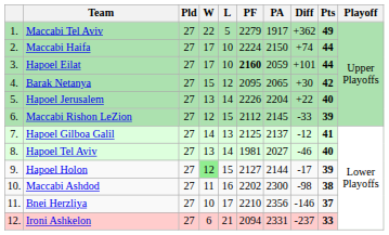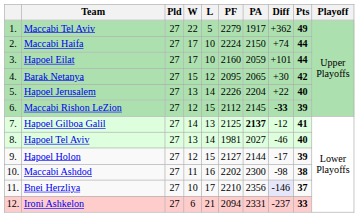 <table class="wikitable sortable" style="text-align:center">
 <tr>
 <th width=15></th>
 <th width=220>Team</th>
 <th width=20>Pld</th>
 <th width=20>W</th>
 <th width=20>L</th>
 <th width=20>PF</th>
 <th width=20>PA</th>
 <th width=30>Diff</th>
 <th width=20>Pts</th>
 <th width=60>Playoff</th>
 </tr>
 <tr style="background:#ACE1AF;">
 <td>1.</td>
 <td align=left><a href='#'>Maccabi Tel Aviv</a></td>
 <td>27</td>
 <td>22</td>
 <td>5</td>
 <td>2279</td>
 <td>1917</td>
 <td>+362</td>
 <td><strong>49</strong></td>
 <td rowspan=6 align=center>Upper Playoffs</td>
 </tr>
 <tr style="background:#ACE1AF;">
 <td>2.</td>
 <td align=left><a href='#'>Maccabi Haifa</a></td>
 <td>27</td>
 <td>17</td>
 <td>10</td>
 <td>2224</td>
 <td>2150</td>
 <td>+74</td>
 <td><strong>44</strong></td>
 </tr>
 <tr style="background:#ACE1AF;">
 <td>3.</td>
 <td align=left><a href='#'>Hapoel Eilat</a></td>
 <td>27</td>
 <td>17</td>
 <td>10</td>
-<td><strong>2160</strong></td>
+<td>2160</td>
 <td>2059</td>
 <td>+101</td>
 <td><strong>44</strong></td>
 </tr>
 <tr style="background:#ACE1AF;">
 <td>4.</td>
 <td align=left><a href='#'>Barak Netanya</a></td>
 <td>27</td>
 <td>15</td>
 <td>12</td>
 <td>2095</td>
 <td>2065</td>
 <td>+30</td>
 <td><strong>42</strong></td>
 </tr>
 <tr style="background:#ACE1AF;">
 <td>5.</td>
 <td align=left><a href='#'>Hapoel Jerusalem</a></td>
 <td>27</td>
 <td>13</td>
 <td>14</td>
 <td>2226</td>
 <td>2204</td>
 <td>+22</td>
 <td><strong>40</strong></td>
 </tr>
 <tr style="background:#ACE1AF;">
 <td>6.</td>
 <td align=left><a href='#'>Maccabi Rishon LeZion</a></td>
 <td>27</td>
 <td>12</td>
 <td>15</td>
 <td>2112</td>
 <td>2145</td>
-<td>-33</td>
+<td><strong>-33</strong></td>
 <td><strong>39</strong></td>
 </tr>
 <tr style="background:#dfd;">
 <td>7.</td>
 <td align=left><a href='#'>Hapoel Gilboa Galil</a></td>
 <td>27</td>
 <td>14</td>
 <td>13</td>
 <td>2125</td>
-<td>2137</td>
+<td><strong>2137</strong></td>
 <td>-12</td>
 <td><strong>41</strong></td>
 <td bgcolor="#ffffff" rowspan=6 align=center>Lower Playoffs</td>
 </tr>
 <tr style="background:#dfd;">
 <td>8.</td>
 <td align=left><a href='#'>Hapoel Tel Aviv</a></td>
 <td>27</td>
 <td>13</td>
 <td>14</td>
 <td>1981</td>
 <td>2027</td>
 <td>-46</td>
 <td><strong>40</strong></td>
 </tr>
 <tr>
 <td>9.</td>
 <td align=left><a href='#'>Hapoel Holon</a></td>
 <td>27</td>
-<td style="background: lightgreen;">12</td>
+<td>12</td>
 <td>15</td>
 <td>2127</td>
 <td>2144</td>
 <td>-17</td>
 <td><strong>39</strong></td>
 </tr>
 <tr>
 <td>10.</td>
 <td align=left><a href='#'>Maccabi Ashdod</a></td>
 <td>27</td>
 <td>11</td>
 <td>16</td>
 <td>2202</td>
 <td>2300</td>
 <td>-98</td>
 <td><strong>38</strong></td>
 </tr>
 <tr>
 <td>11.</td>
 <td align=left><a href='#'>Bnei Herzliya</a></td>
 <td>27</td>
 <td>10</td>
 <td>17</td>
 <td>2210</td>
 <td>2356</td>
-<td>-146</td>
+<td style="background: lavender;">-146</td>
 <td><strong>37</strong></td>
 </tr>
 <tr bgcolor=FFCCCC>
 <td>12.</td>
 <td align=left><a href='#'>Ironi Ashkelon</a></td>
 <td>27</td>
 <td>6</td>
 <td>21</td>
 <td>2094</td>
 <td>2331</td>
 <td>-237</td>
 <td><strong>33</strong></td>
 </tr>
 </table>
